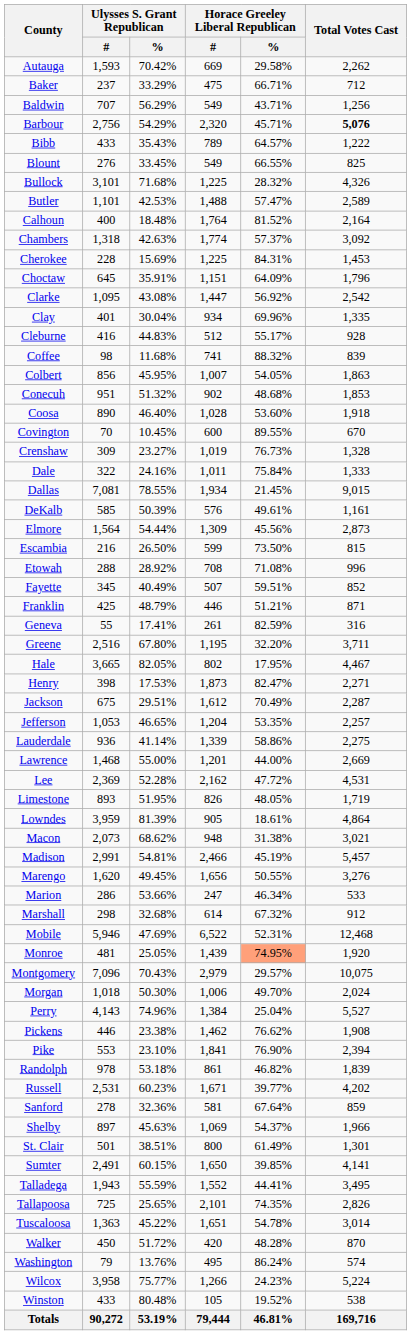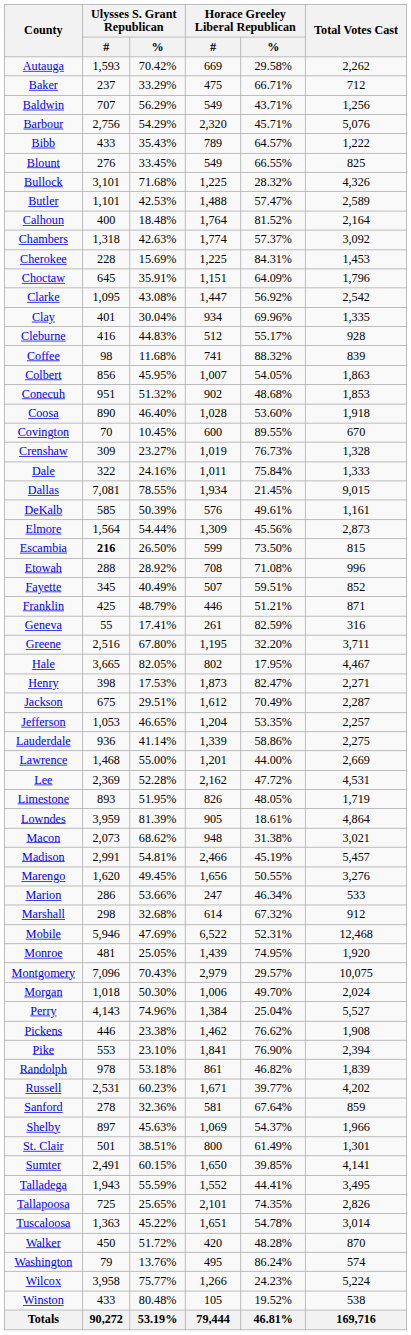 <table class="wikitable sortable" width="60%">
 <tr>
 <th rowspan="2">County</th>
 <th colspan="2">Ulysses S. Grant<br>Republican</th>
 <th colspan="2">Horace Greeley<br>Liberal Republican</th>
 <th rowspan="2">Total Votes Cast</th>
 </tr>
 <tr>
 <th data-sort-type="number" style="text-align:center;">#</th>
 <th data-sort-type="number" style="text-align:center;">%</th>
 <th data-sort-type="number" style="text-align:center;">#</th>
 <th data-sort-type="number" style="text-align:center;">%</th>
 </tr>
 <tr style="text-align:center;">
 <td><a href='#'>Autauga</a></td>
 <td>1,593</td>
 <td>70.42%</td>
 <td>669</td>
 <td>29.58%</td>
 <td>2,262</td>
 </tr>
 <tr style="text-align:center;">
 <td><a href='#'>Baker</a></td>
 <td>237</td>
 <td>33.29%</td>
 <td>475</td>
 <td>66.71%</td>
 <td>712</td>
 </tr>
 <tr style="text-align:center;">
 <td><a href='#'>Baldwin</a></td>
 <td>707</td>
 <td>56.29%</td>
 <td>549</td>
 <td>43.71%</td>
 <td>1,256</td>
 </tr>
 <tr style="text-align:center;">
 <td><a href='#'>Barbour</a></td>
 <td>2,756</td>
 <td>54.29%</td>
 <td>2,320</td>
 <td>45.71%</td>
-<td><strong>5,076</strong></td>
+<td>5,076</td>
 </tr>
 <tr style="text-align:center;">
 <td><a href='#'>Bibb</a></td>
 <td>433</td>
 <td>35.43%</td>
 <td>789</td>
 <td>64.57%</td>
 <td>1,222</td>
 </tr>
 <tr style="text-align:center;">
 <td><a href='#'>Blount</a></td>
 <td>276</td>
 <td>33.45%</td>
 <td>549</td>
 <td>66.55%</td>
 <td>825</td>
 </tr>
 <tr style="text-align:center;">
 <td><a href='#'>Bullock</a></td>
 <td>3,101</td>
 <td>71.68%</td>
 <td>1,225</td>
 <td>28.32%</td>
 <td>4,326</td>
 </tr>
 <tr style="text-align:center;">
 <td><a href='#'>Butler</a></td>
 <td>1,101</td>
 <td>42.53%</td>
 <td>1,488</td>
 <td>57.47%</td>
 <td>2,589</td>
 </tr>
 <tr style="text-align:center;">
 <td><a href='#'>Calhoun</a></td>
 <td>400</td>
 <td>18.48%</td>
 <td>1,764</td>
 <td>81.52%</td>
 <td>2,164</td>
 </tr>
 <tr style="text-align:center;">
 <td><a href='#'>Chambers</a></td>
 <td>1,318</td>
 <td>42.63%</td>
 <td>1,774</td>
 <td>57.37%</td>
 <td>3,092</td>
 </tr>
 <tr style="text-align:center;">
 <td><a href='#'>Cherokee</a></td>
 <td>228</td>
 <td>15.69%</td>
 <td>1,225</td>
 <td>84.31%</td>
 <td>1,453</td>
 </tr>
 <tr style="text-align:center;">
 <td><a href='#'>Choctaw</a></td>
 <td>645</td>
 <td>35.91%</td>
 <td>1,151</td>
 <td>64.09%</td>
 <td>1,796</td>
 </tr>
 <tr style="text-align:center;">
 <td><a href='#'>Clarke</a></td>
 <td>1,095</td>
 <td>43.08%</td>
 <td>1,447</td>
 <td>56.92%</td>
 <td>2,542</td>
 </tr>
 <tr style="text-align:center;">
 <td><a href='#'>Clay</a></td>
 <td>401</td>
 <td>30.04%</td>
 <td>934</td>
 <td>69.96%</td>
 <td>1,335</td>
 </tr>
 <tr style="text-align:center;">
 <td><a href='#'>Cleburne</a></td>
 <td>416</td>
 <td>44.83%</td>
 <td>512</td>
 <td>55.17%</td>
 <td>928</td>
 </tr>
 <tr style="text-align:center;">
 <td><a href='#'>Coffee</a></td>
 <td>98</td>
 <td>11.68%</td>
 <td>741</td>
 <td>88.32%</td>
 <td>839</td>
 </tr>
 <tr style="text-align:center;">
 <td><a href='#'>Colbert</a></td>
 <td>856</td>
 <td>45.95%</td>
 <td>1,007</td>
 <td>54.05%</td>
 <td>1,863</td>
 </tr>
 <tr style="text-align:center;">
 <td><a href='#'>Conecuh</a></td>
 <td>951</td>
 <td>51.32%</td>
 <td>902</td>
 <td>48.68%</td>
 <td>1,853</td>
 </tr>
 <tr style="text-align:center;">
 <td><a href='#'>Coosa</a></td>
 <td>890</td>
 <td>46.40%</td>
 <td>1,028</td>
 <td>53.60%</td>
 <td>1,918</td>
 </tr>
 <tr style="text-align:center;">
 <td><a href='#'>Covington</a></td>
 <td>70</td>
 <td>10.45%</td>
 <td>600</td>
 <td>89.55%</td>
 <td>670</td>
 </tr>
 <tr style="text-align:center;">
 <td><a href='#'>Crenshaw</a></td>
 <td>309</td>
 <td>23.27%</td>
 <td>1,019</td>
 <td>76.73%</td>
 <td>1,328</td>
 </tr>
 <tr style="text-align:center;">
 <td><a href='#'>Dale</a></td>
 <td>322</td>
 <td>24.16%</td>
 <td>1,011</td>
 <td>75.84%</td>
 <td>1,333</td>
 </tr>
 <tr style="text-align:center;">
 <td><a href='#'>Dallas</a></td>
 <td>7,081</td>
 <td>78.55%</td>
 <td>1,934</td>
 <td>21.45%</td>
 <td>9,015</td>
 </tr>
 <tr style="text-align:center;">
 <td><a href='#'>DeKalb</a></td>
 <td>585</td>
 <td>50.39%</td>
 <td>576</td>
 <td>49.61%</td>
 <td>1,161</td>
 </tr>
 <tr style="text-align:center;">
 <td><a href='#'>Elmore</a></td>
 <td>1,564</td>
 <td>54.44%</td>
 <td>1,309</td>
 <td>45.56%</td>
 <td>2,873</td>
 </tr>
 <tr style="text-align:center;">
 <td><a href='#'>Escambia</a></td>
-<td>216</td>
+<td><strong>216</strong></td>
 <td>26.50%</td>
 <td>599</td>
 <td>73.50%</td>
 <td>815</td>
 </tr>
 <tr style="text-align:center;">
 <td><a href='#'>Etowah</a></td>
 <td>288</td>
 <td>28.92%</td>
 <td>708</td>
 <td>71.08%</td>
 <td>996</td>
 </tr>
 <tr style="text-align:center;">
 <td><a href='#'>Fayette</a></td>
 <td>345</td>
 <td>40.49%</td>
 <td>507</td>
 <td>59.51%</td>
 <td>852</td>
 </tr>
 <tr style="text-align:center;">
 <td><a href='#'>Franklin</a></td>
 <td>425</td>
 <td>48.79%</td>
 <td>446</td>
 <td>51.21%</td>
 <td>871</td>
 </tr>
 <tr style="text-align:center;">
 <td><a href='#'>Geneva</a></td>
 <td>55</td>
 <td>17.41%</td>
 <td>261</td>
 <td>82.59%</td>
 <td>316</td>
 </tr>
 <tr style="text-align:center;">
 <td><a href='#'>Greene</a></td>
 <td>2,516</td>
 <td>67.80%</td>
 <td>1,195</td>
 <td>32.20%</td>
 <td>3,711</td>
 </tr>
 <tr style="text-align:center;">
 <td><a href='#'>Hale</a></td>
 <td>3,665</td>
 <td>82.05%</td>
 <td>802</td>
 <td>17.95%</td>
 <td>4,467</td>
 </tr>
 <tr style="text-align:center;">
 <td><a href='#'>Henry</a></td>
 <td>398</td>
 <td>17.53%</td>
 <td>1,873</td>
 <td>82.47%</td>
 <td>2,271</td>
 </tr>
 <tr style="text-align:center;">
 <td><a href='#'>Jackson</a></td>
 <td>675</td>
 <td>29.51%</td>
 <td>1,612</td>
 <td>70.49%</td>
 <td>2,287</td>
 </tr>
 <tr style="text-align:center;">
 <td><a href='#'>Jefferson</a></td>
 <td>1,053</td>
 <td>46.65%</td>
 <td>1,204</td>
 <td>53.35%</td>
 <td>2,257</td>
 </tr>
 <tr style="text-align:center;">
 <td><a href='#'>Lauderdale</a></td>
 <td>936</td>
 <td>41.14%</td>
 <td>1,339</td>
 <td>58.86%</td>
 <td>2,275</td>
 </tr>
 <tr style="text-align:center;">
 <td><a href='#'>Lawrence</a></td>
 <td>1,468</td>
 <td>55.00%</td>
 <td>1,201</td>
 <td>44.00%</td>
 <td>2,669</td>
 </tr>
 <tr style="text-align:center;">
 <td><a href='#'>Lee</a></td>
 <td>2,369</td>
 <td>52.28%</td>
 <td>2,162</td>
 <td>47.72%</td>
 <td>4,531</td>
 </tr>
 <tr style="text-align:center;">
 <td><a href='#'>Limestone</a></td>
 <td>893</td>
 <td>51.95%</td>
 <td>826</td>
 <td>48.05%</td>
 <td>1,719</td>
 </tr>
 <tr style="text-align:center;">
 <td><a href='#'>Lowndes</a></td>
 <td>3,959</td>
 <td>81.39%</td>
 <td>905</td>
 <td>18.61%</td>
 <td>4,864</td>
 </tr>
 <tr style="text-align:center;">
 <td><a href='#'>Macon</a></td>
 <td>2,073</td>
 <td>68.62%</td>
 <td>948</td>
 <td>31.38%</td>
 <td>3,021</td>
 </tr>
 <tr style="text-align:center;">
 <td><a href='#'>Madison</a></td>
 <td>2,991</td>
 <td>54.81%</td>
 <td>2,466</td>
 <td>45.19%</td>
 <td>5,457</td>
 </tr>
 <tr style="text-align:center;">
 <td><a href='#'>Marengo</a></td>
 <td>1,620</td>
 <td>49.45%</td>
 <td>1,656</td>
 <td>50.55%</td>
 <td>3,276</td>
 </tr>
 <tr style="text-align:center;">
 <td><a href='#'>Marion</a></td>
 <td>286</td>
 <td>53.66%</td>
 <td>247</td>
 <td>46.34%</td>
 <td>533</td>
 </tr>
 <tr style="text-align:center;">
 <td><a href='#'>Marshall</a></td>
 <td>298</td>
 <td>32.68%</td>
 <td>614</td>
 <td>67.32%</td>
 <td>912</td>
 </tr>
 <tr style="text-align:center;">
 <td><a href='#'>Mobile</a></td>
 <td>5,946</td>
 <td>47.69%</td>
 <td>6,522</td>
 <td>52.31%</td>
 <td>12,468</td>
 </tr>
 <tr style="text-align:center;">
 <td><a href='#'>Monroe</a></td>
 <td>481</td>
 <td>25.05%</td>
 <td>1,439</td>
-<td style="background: lightsalmon;">74.95%</td>
+<td>74.95%</td>
 <td>1,920</td>
 </tr>
 <tr style="text-align:center;">
 <td><a href='#'>Montgomery</a></td>
 <td>7,096</td>
 <td>70.43%</td>
 <td>2,979</td>
 <td>29.57%</td>
 <td>10,075</td>
 </tr>
 <tr style="text-align:center;">
 <td><a href='#'>Morgan</a></td>
 <td>1,018</td>
 <td>50.30%</td>
 <td>1,006</td>
 <td>49.70%</td>
 <td>2,024</td>
 </tr>
 <tr style="text-align:center;">
 <td><a href='#'>Perry</a></td>
 <td>4,143</td>
 <td>74.96%</td>
 <td>1,384</td>
 <td>25.04%</td>
 <td>5,527</td>
 </tr>
 <tr style="text-align:center;">
 <td><a href='#'>Pickens</a></td>
 <td>446</td>
 <td>23.38%</td>
 <td>1,462</td>
 <td>76.62%</td>
 <td>1,908</td>
 </tr>
 <tr style="text-align:center;">
 <td><a href='#'>Pike</a></td>
 <td>553</td>
 <td>23.10%</td>
 <td>1,841</td>
 <td>76.90%</td>
 <td>2,394</td>
 </tr>
 <tr style="text-align:center;">
 <td><a href='#'>Randolph</a></td>
 <td>978</td>
 <td>53.18%</td>
 <td>861</td>
 <td>46.82%</td>
 <td>1,839</td>
 </tr>
 <tr style="text-align:center;">
 <td><a href='#'>Russell</a></td>
 <td>2,531</td>
 <td>60.23%</td>
 <td>1,671</td>
 <td>39.77%</td>
 <td>4,202</td>
 </tr>
 <tr style="text-align:center;">
 <td><a href='#'>Sanford</a></td>
 <td>278</td>
 <td>32.36%</td>
 <td>581</td>
 <td>67.64%</td>
 <td>859</td>
 </tr>
 <tr style="text-align:center;">
 <td><a href='#'>Shelby</a></td>
 <td>897</td>
 <td>45.63%</td>
 <td>1,069</td>
 <td>54.37%</td>
 <td>1,966</td>
 </tr>
 <tr style="text-align:center;">
 <td><a href='#'>St. Clair</a></td>
 <td>501</td>
 <td>38.51%</td>
 <td>800</td>
 <td>61.49%</td>
 <td>1,301</td>
 </tr>
 <tr style="text-align:center;">
 <td><a href='#'>Sumter</a></td>
 <td>2,491</td>
 <td>60.15%</td>
 <td>1,650</td>
 <td>39.85%</td>
 <td>4,141</td>
 </tr>
 <tr style="text-align:center;">
 <td><a href='#'>Talladega</a></td>
 <td>1,943</td>
 <td>55.59%</td>
 <td>1,552</td>
 <td>44.41%</td>
 <td>3,495</td>
 </tr>
 <tr style="text-align:center;">
 <td><a href='#'>Tallapoosa</a></td>
 <td>725</td>
 <td>25.65%</td>
 <td>2,101</td>
 <td>74.35%</td>
 <td>2,826</td>
 </tr>
 <tr style="text-align:center;">
 <td><a href='#'>Tuscaloosa</a></td>
 <td>1,363</td>
 <td>45.22%</td>
 <td>1,651</td>
 <td>54.78%</td>
 <td>3,014</td>
 </tr>
 <tr style="text-align:center;">
 <td><a href='#'>Walker</a></td>
 <td>450</td>
 <td>51.72%</td>
 <td>420</td>
 <td>48.28%</td>
 <td>870</td>
 </tr>
 <tr style="text-align:center;">
 <td><a href='#'>Washington</a></td>
 <td>79</td>
 <td>13.76%</td>
 <td>495</td>
 <td>86.24%</td>
 <td>574</td>
 </tr>
 <tr style="text-align:center;">
 <td><a href='#'>Wilcox</a></td>
 <td>3,958</td>
 <td>75.77%</td>
 <td>1,266</td>
 <td>24.23%</td>
 <td>5,224</td>
 </tr>
 <tr style="text-align:center;">
 <td><a href='#'>Winston</a></td>
 <td>433</td>
 <td>80.48%</td>
 <td>105</td>
 <td>19.52%</td>
 <td>538</td>
 </tr>
 <tr>
 <th>Totals</th>
 <th>90,272</th>
 <th>53.19%</th>
 <th>79,444</th>
 <th>46.81%</th>
 <th>169,716</th>
 </tr>
 </table>
